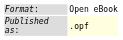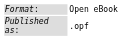 <table style="text-align:left;">
 <tr>
 <td style="background:#ddd; width:100px;"><em>Format</em>:</td>
 <td>Open eBook</td>
 </tr>
 <tr>
 <td style="background:#ddd;"><em>Published as</em>:</td>
-<td style="background: lightyellow;"><code>.opf</code></td>
+<td><code>.opf</code></td>
 </tr>
 </table>
